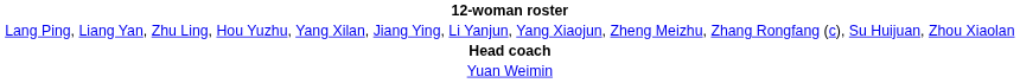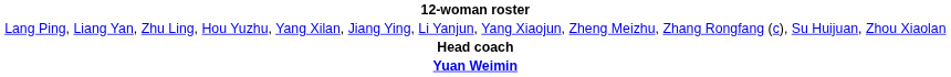 <table style="text-align:center; margin-top:2em; margin-left:auto; margin-right:auto">
 <tr>
 <td><strong>12-woman roster</strong></td>
 </tr>
 <tr>
 <td><a href='#'>Lang Ping</a>, <a href='#'>Liang Yan</a>, <a href='#'>Zhu Ling</a>, <a href='#'>Hou Yuzhu</a>, <a href='#'>Yang Xilan</a>, <a href='#'>Jiang Ying</a>, <a href='#'>Li Yanjun</a>, <a href='#'>Yang Xiaojun</a>, <a href='#'>Zheng Meizhu</a>, <a href='#'>Zhang Rongfang</a> (<a href='#'>c</a>), <a href='#'>Su Huijuan</a>, <a href='#'>Zhou Xiaolan</a></td>
 </tr>
 <tr>
 <td><strong>Head coach</strong></td>
 </tr>
 <tr>
-<td><a href='#'>Yuan Weimin</a></td>
+<td><strong><a href='#'>Yuan Weimin</a></strong></td>
 </tr>
 </table>
